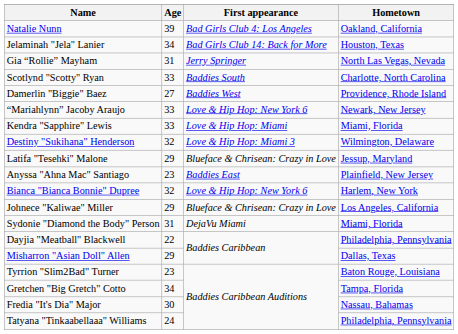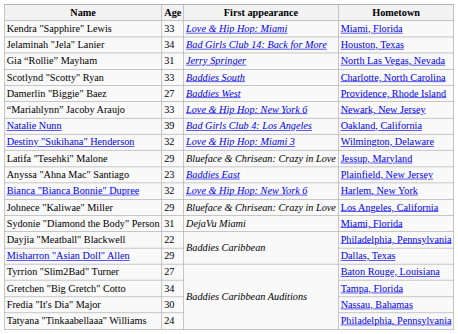 <table class="wikitable">
 <tr>
 </tr>
 <tr>
 <th>Name</th>
 <th Age !scope="col">Age</th>
 <th>First appearance</th>
 <th>Hometown</th>
 </tr>
 <tr>
-<td><a href='#'>Natalie Nunn</a></td>
-<td>39</td>
-<td><a href='#'><em>Bad Girls Club 4: Los Angeles</em></a></td>
-<td><a href='#'>Oakland, California</a></td>
+<td>Kendra "Sapphire" Lewis</td>
+<td>33</td>
+<td><em><a href='#'>Love & Hip Hop: Miami</a></em></td>
+<td><a href='#'>Miami, Florida</a></td>
 </tr>
 <tr>
 <td>Jelaminah "Jela" Lanier</td>
 <td>34</td>
 <td><em><a href='#'>Bad Girls Club 14: Back for More</a></em></td>
 <td><a href='#'>Houston, Texas</a></td>
 </tr>
 <tr>
 <td>Gia “Rollie” Mayham</td>
 <td>31</td>
 <td><em><a href='#'>Jerry Springer</a></em></td>
 <td><a href='#'>North Las Vegas, Nevada</a></td>
 </tr>
 <tr>
 <td>Scotlynd "Scotty" Ryan</td>
 <td>33</td>
 <td><em><a href='#'>Baddies South</a></em></td>
 <td><a href='#'>Charlotte, North Carolina</a></td>
 </tr>
 <tr>
 <td>Damerlin "Biggie" Baez</td>
 <td>27</td>
 <td><em><a href='#'>Baddies West</a></em></td>
 <td><a href='#'>Providence, Rhode Island</a></td>
 </tr>
 <tr>
 <td>“Mariahlynn” Jacoby Araujo</td>
 <td>33</td>
 <td><a href='#'><em>Love & Hip Hop: New York 6</em></a></td>
 <td><a href='#'>Newark, New Jersey</a></td>
 </tr>
 <tr>
-<td>Kendra "Sapphire" Lewis</td>
-<td>33</td>
-<td><em><a href='#'>Love & Hip Hop: Miami</a></em></td>
-<td><a href='#'>Miami, Florida</a></td>
+<td><a href='#'>Natalie Nunn</a></td>
+<td>39</td>
+<td><a href='#'><em>Bad Girls Club 4: Los Angeles</em></a></td>
+<td><a href='#'>Oakland, California</a></td>
 </tr>
 <tr>
 <td><a href='#'>Destiny "Sukihana" Henderson</a></td>
 <td>32</td>
 <td><a href='#'><em>Love & Hip Hop: Miami 3</em></a></td>
 <td><a href='#'>Wilmington, Delaware</a></td>
 </tr>
 <tr>
 <td>Latifa "Tesehki" Malone</td>
 <td>29</td>
 <td><em>Blueface & Chrisean: Crazy in Love</em></td>
 <td><a href='#'>Jessup, Maryland</a></td>
 </tr>
 <tr>
 <td>Anyssa "Ahna Mac" Santiago</td>
 <td>23</td>
 <td><em><a href='#'>Baddies East</a></em></td>
 <td><a href='#'>Plainfield, New Jersey</a></td>
 </tr>
 <tr>
 <td><a href='#'>Bianca "Bianca Bonnie" Dupree</a></td>
 <td>32</td>
 <td><a href='#'><em>Love & Hip Hop: New York 6</em></a></td>
 <td><a href='#'>Harlem, New York</a></td>
 </tr>
 <tr>
 <td>Johnece "Kaliwae" Miller</td>
 <td>29</td>
 <td><em>Blueface & Chrisean: Crazy in Love</em></td>
 <td><a href='#'>Los Angeles, California</a></td>
 </tr>
 <tr>
 <td>Sydonie "Diamond the Body" Person</td>
 <td>31</td>
 <td><em>DejaVu Miami</em></td>
 <td><a href='#'>Miami, Florida</a></td>
 </tr>
 <tr>
 <td>Dayjia "Meatball" Blackwell</td>
 <td>22</td>
 <td rowspan="2"><em>Baddies Caribbean</em></td>
 <td><a href='#'>Philadelphia, Pennsylvania</a></td>
 </tr>
 <tr>
 <td><a href='#'> Misharron "Asian Doll" Allen</a></td>
 <td>29</td>
 <td><a href='#'>Dallas, Texas</a></td>
 </tr>
 <tr>
 <td>Tyrrion "Slim2Bad" Turner</td>
-<td>23</td>
+<td>27</td>
 <td rowspan="5"><em>Baddies Caribbean Auditions</em></td>
 <td><a href='#'>Baton Rouge, Louisiana</a></td>
 </tr>
 <tr>
 <td>Gretchen "Big Gretch" Cotto</td>
 <td>34</td>
 <td><a href='#'>Tampa, Florida</a></td>
 </tr>
 <tr>
 <td>Fredia "It's Dia" Major</td>
 <td>30</td>
 <td><a href='#'>Nassau, Bahamas</a></td>
 </tr>
 <tr>
 <td>Tatyana "Tinkaabellaaa" Williams</td>
 <td>24</td>
 <td><a href='#'>Philadelphia, Pennsylvania</a></td>
 </tr>
 </table>
